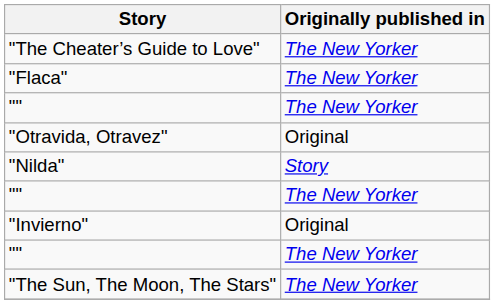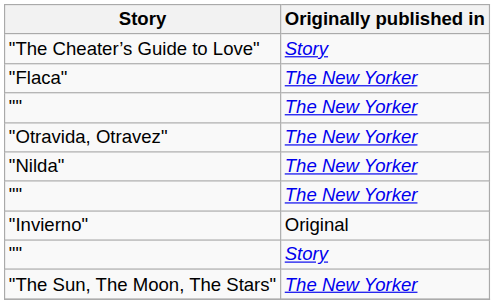 <table class="wikitable">
 <tr>
 <th><strong>Story</strong></th>
 <th><strong>Originally published in</strong></th>
 </tr>
 <tr>
 <td>"The Cheater’s Guide to Love"</td>
-<td><em><a href='#'>The New Yorker</a></em></td>
+<td><em><a href='#'>Story</a></em></td>
 </tr>
 <tr>
 <td>"Flaca"</td>
 <td><em><a href='#'>The New Yorker</a></em></td>
 </tr>
 <tr>
 <td>""</td>
 <td><em><a href='#'>The New Yorker</a></em></td>
 </tr>
 <tr>
 <td>"Otravida, Otravez"</td>
-<td>Original</td>
+<td><em><a href='#'>The New Yorker</a></em></td>
 </tr>
 <tr>
 <td>"Nilda"</td>
-<td><em><a href='#'>Story</a></em></td>
+<td><em><a href='#'>The New Yorker</a></em></td>
 </tr>
 <tr>
 <td>""</td>
 <td><em><a href='#'>The New Yorker</a></em></td>
 </tr>
 <tr>
 <td>"Invierno"</td>
 <td>Original</td>
 </tr>
 <tr>
 <td>""</td>
-<td><em><a href='#'>The New Yorker</a></em></td>
+<td><em><a href='#'>Story</a></em></td>
 </tr>
 <tr>
 <td>"The Sun, The Moon, The Stars"</td>
 <td><em><a href='#'>The New Yorker</a></em></td>
 </tr>
 <tr>
 </tr>
 </table>
